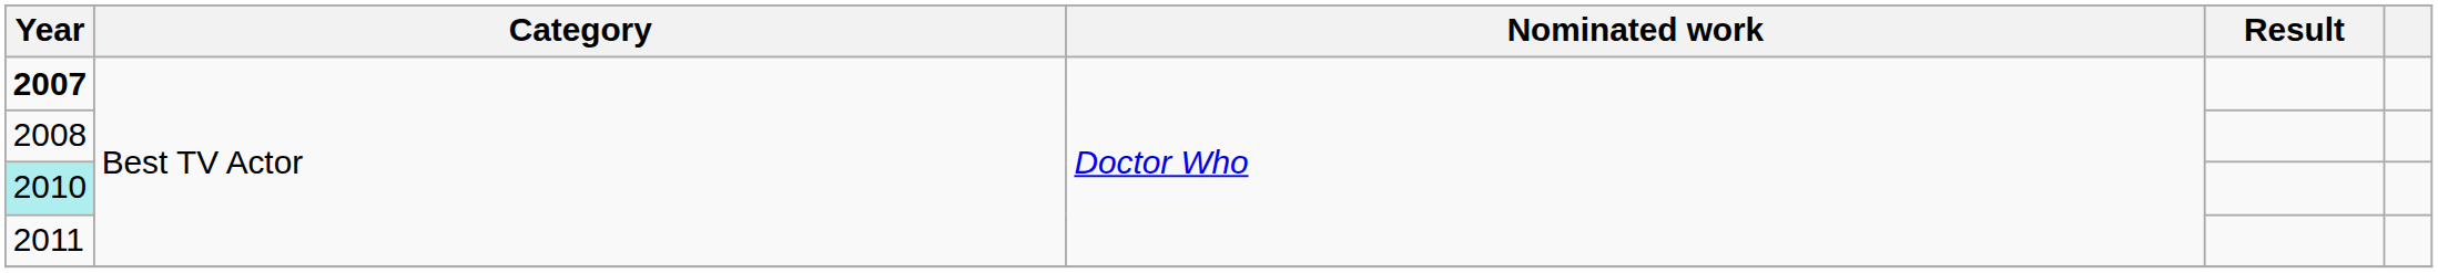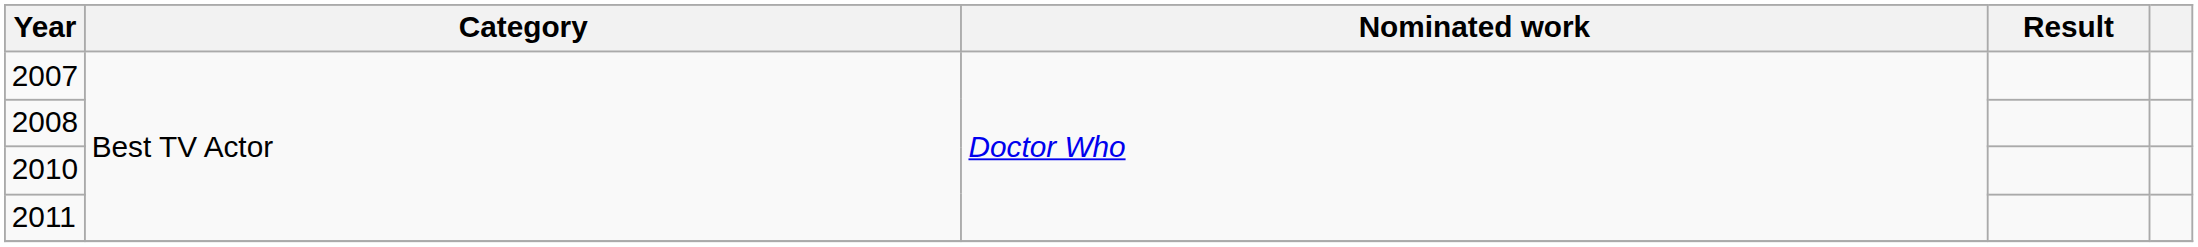 <table class=wikitable>
 <tr>
 <th scope="col" style="width:1em;">Year</th>
 <th scope="col" style="width:29em;">Category</th>
 <th scope="col" style="width:34em;">Nominated work</th>
 <th scope="col" style="width:5em;">Result</th>
 <th scope="col" style="width:1em;"></th>
 </tr>
 <tr>
-<td><strong>2007</strong></td>
+<td>2007</td>
 <td rowspan="4">Best TV Actor</td>
 <td rowspan="4"><em><a href='#'>Doctor Who</a></em></td>
 <td></td>
 <td></td>
 </tr>
 <tr>
 <td>2008</td>
 <td></td>
 <td></td>
 </tr>
 <tr>
-<td style="background: paleturquoise;">2010</td>
+<td>2010</td>
 <td></td>
 <td></td>
 </tr>
 <tr>
 <td>2011</td>
 <td></td>
 <td></td>
 </tr>
 <tr>
 </tr>
 </table>
